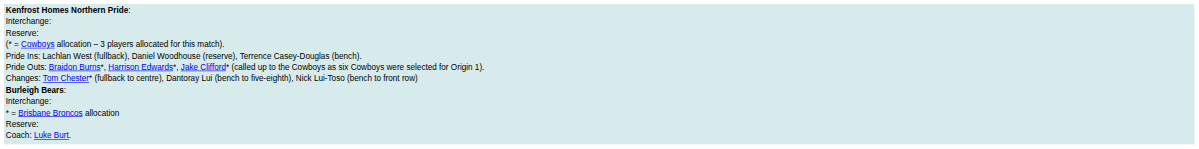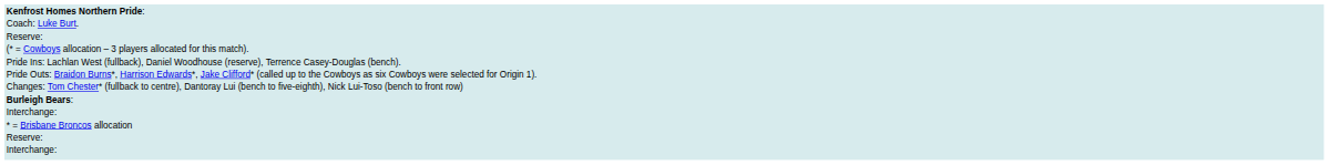 <table style="background:#d7ebed; font-size:85%; width:100%;">
 <tr>
 <td><strong>Kenfrost Homes Northern Pride</strong>:             </td>
 </tr>
 <tr>
-<td>Interchange:    </td>
+<td>Coach: <a href='#'>Luke Burt</a>.</td>
 </tr>
 <tr>
 <td>Reserve: </td>
 </tr>
 <tr>
 <td>(* = <a href='#'>Cowboys</a> allocation – 3 players allocated for this match).</td>
 </tr>
 <tr>
 <td>Pride Ins: Lachlan West (fullback), Daniel Woodhouse (reserve), Terrence Casey-Douglas (bench).</td>
 </tr>
 <tr>
 <td>Pride Outs: <a href='#'>Braidon Burns</a>*, <a href='#'>Harrison Edwards</a>*, <a href='#'>Jake Clifford</a>* (called up to the Cowboys as six Cowboys were selected for Origin 1).</td>
 </tr>
 <tr>
 <td>Changes: <a href='#'>Tom Chester</a>* (fullback to centre), Dantoray Lui (bench to five-eighth), Nick Lui-Toso (bench to front row)</td>
 </tr>
 <tr>
 <td><strong>Burleigh Bears</strong>:             </td>
 </tr>
 <tr>
 <td>Interchange:    </td>
 </tr>
 <tr>
 <td>* = <a href='#'>Brisbane Broncos</a> allocation</td>
 </tr>
 <tr>
 <td>Reserve: </td>
 </tr>
 <tr>
-<td>Coach: <a href='#'>Luke Burt</a>.</td>
+<td>Interchange:    </td>
 </tr>
 <tr>
 <td></td>
 </tr>
 </table>
